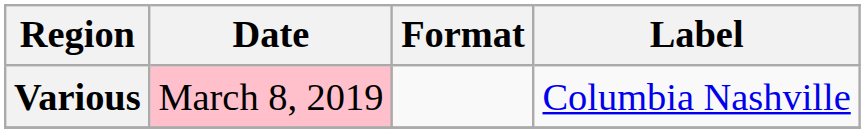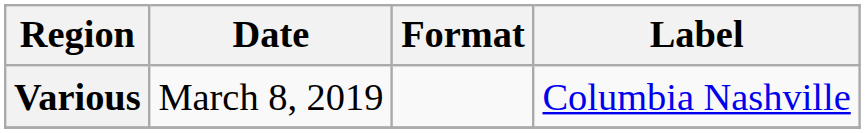 <table class="wikitable plainrowheaders">
 <tr>
 <th scope="col">Region</th>
 <th scope="col">Date</th>
 <th scope="col">Format</th>
 <th scope="col">Label</th>
 </tr>
 <tr>
 <th scope="row">Various</th>
-<td style="background: pink;">March 8, 2019</td>
+<td>March 8, 2019</td>
 <td></td>
 <td><a href='#'>Columbia Nashville</a></td>
 </tr>
 <tr>
 </tr>
 </table>
